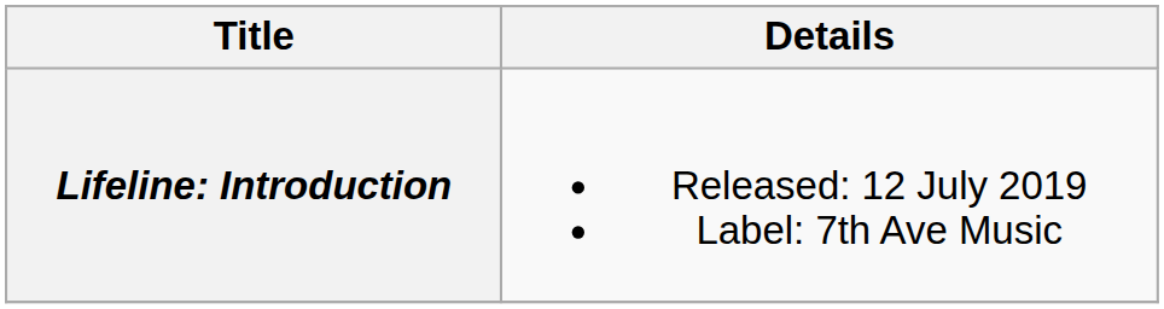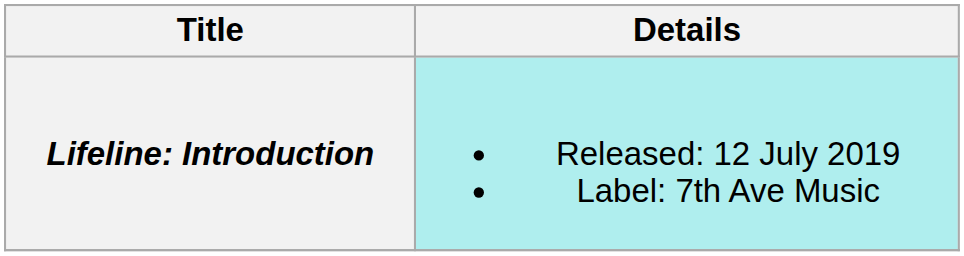 <table class="wikitable plainrowheaders" style="text-align:center;">
 <tr>
 <th scope="col" style="width:12em;">Title</th>
 <th scope="col" style="width:16em;">Details</th>
 </tr>
 <tr>
 <th scope="row"><em>Lifeline: Introduction</em></th>
-<td><br><ul><li>Released: 12 July 2019</li><li>Label: 7th Ave Music</li></ul></td>
+<td style="background: paleturquoise;"><br><ul><li>Released: 12 July 2019</li><li>Label: 7th Ave Music</li></ul></td>
 </tr>
 <tr>
 </tr>
 </table>
